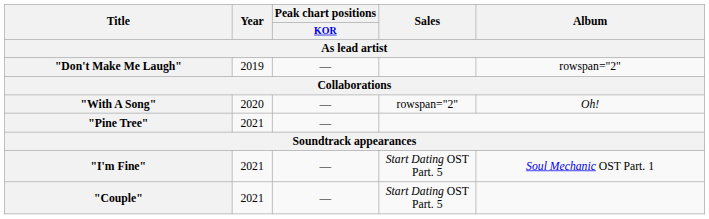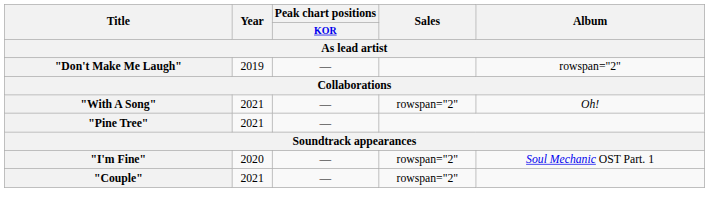 <table class="wikitable plainrowheaders" style="text-align:center; width:60em">
 <tr>
 <th scope="col" rowspan="2" style="width:20em">Title</th>
 <th scope="col" rowspan="2" style="width:3em">Year</th>
 <th scope="col" colspan="1" style="width:9em">Peak chart positions</th>
 <th scope="col" rowspan="2" style="width:8em">Sales</th>
 <th scope="col" rowspan="2" style="width:20em">Album</th>
 </tr>
 <tr>
 <th scope="col" style="width:5em;font-size:85%"><a href='#'>KOR</a></th>
 </tr>
 <tr>
 <th colspan="5">As lead artist</th>
 </tr>
 <tr>
 <th scope="row">"Don't Make Me Laugh"</th>
 <td>2019</td>
 <td>—</td>
 <td></td>
 <td>rowspan="2" </td>
 </tr>
 <tr>
 <th colspan="5">Collaborations</th>
 </tr>
 <tr>
 <th scope="row">"With A Song"<br></th>
-<td>2020</td>
+<td>2021</td>
 <td>—</td>
 <td>rowspan="2" </td>
 <td><em>Oh!</em></td>
 </tr>
 <tr>
 <th scope="row">"Pine Tree"<br></th>
 <td>2021</td>
 <td>—</td>
 </tr>
 <tr>
 <th colspan="5">Soundtrack appearances</th>
 </tr>
 <tr>
 <th scope="row">"I'm Fine"</th>
-<td>2021</td>
+<td>2020</td>
 <td>—</td>
-<td><em>Start Dating</em> OST Part. 5</td>
+<td>rowspan="2" </td>
 <td><em><a href='#'>Soul Mechanic</a></em> OST Part. 1</td>
 </tr>
 <tr>
 <th scope="row">"Couple"</th>
 <td>2021</td>
 <td>—</td>
-<td><em>Start Dating</em> OST Part. 5</td>
+<td>rowspan="2" </td>
 </tr>
 </table>
